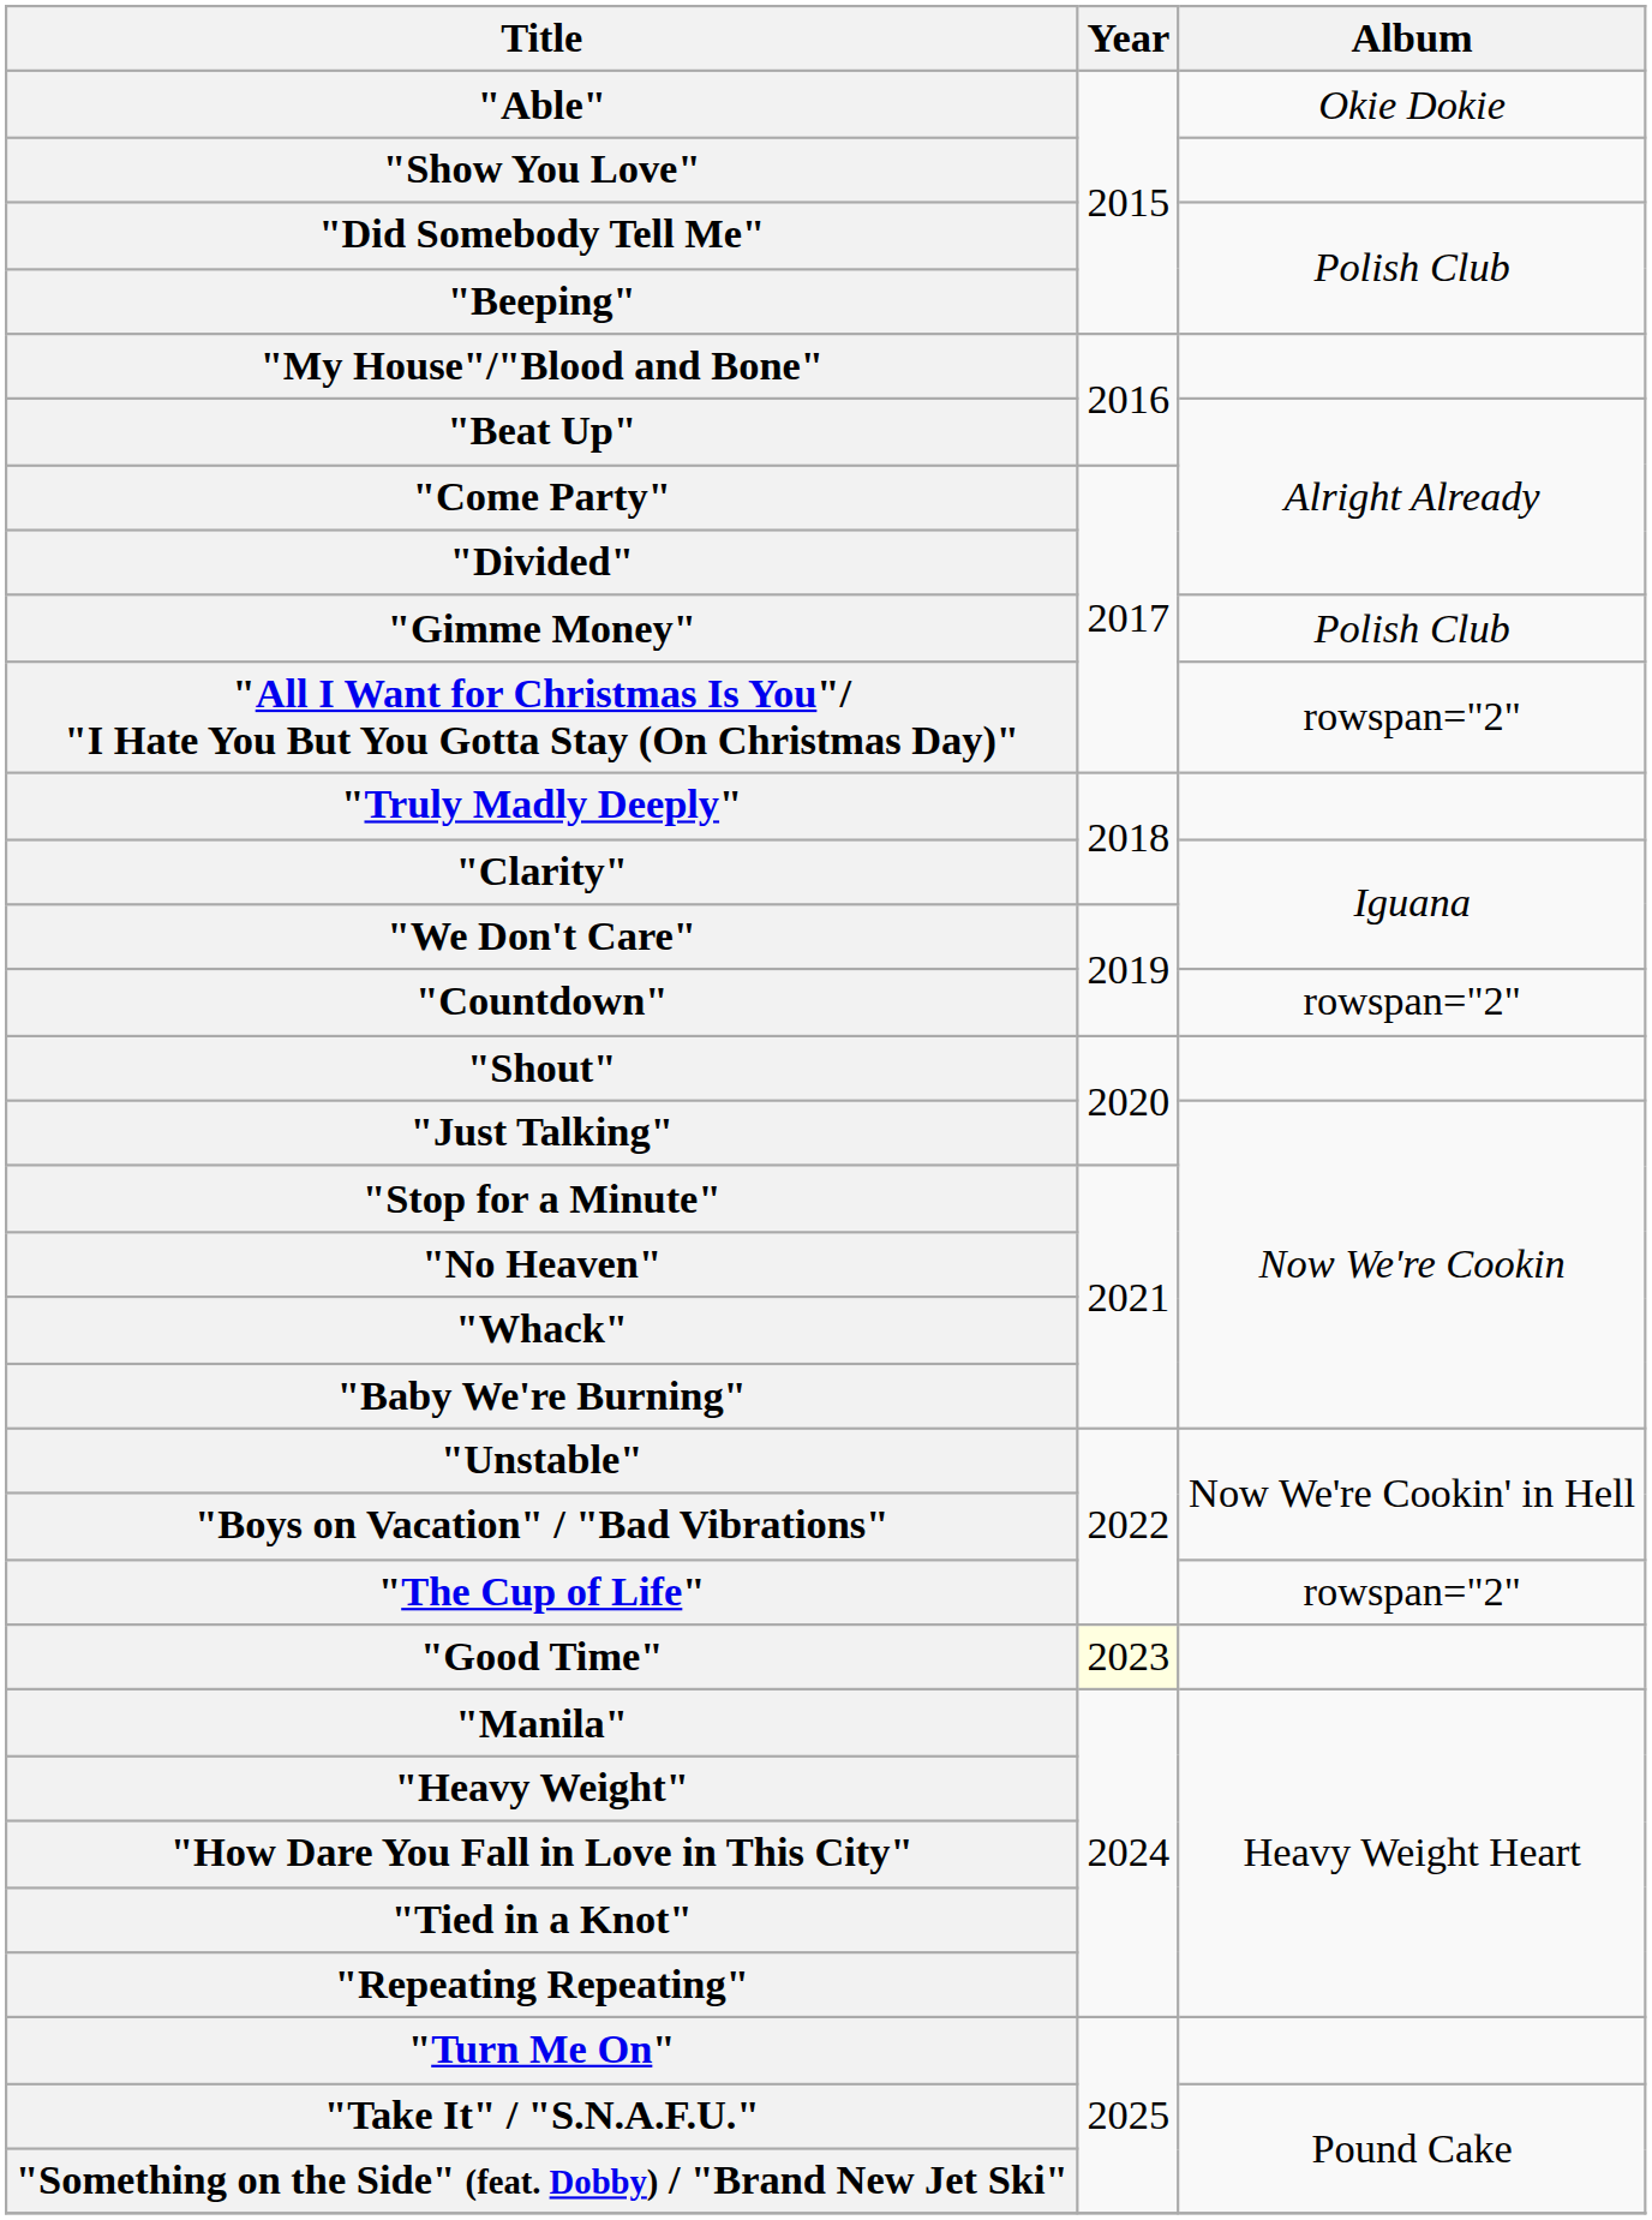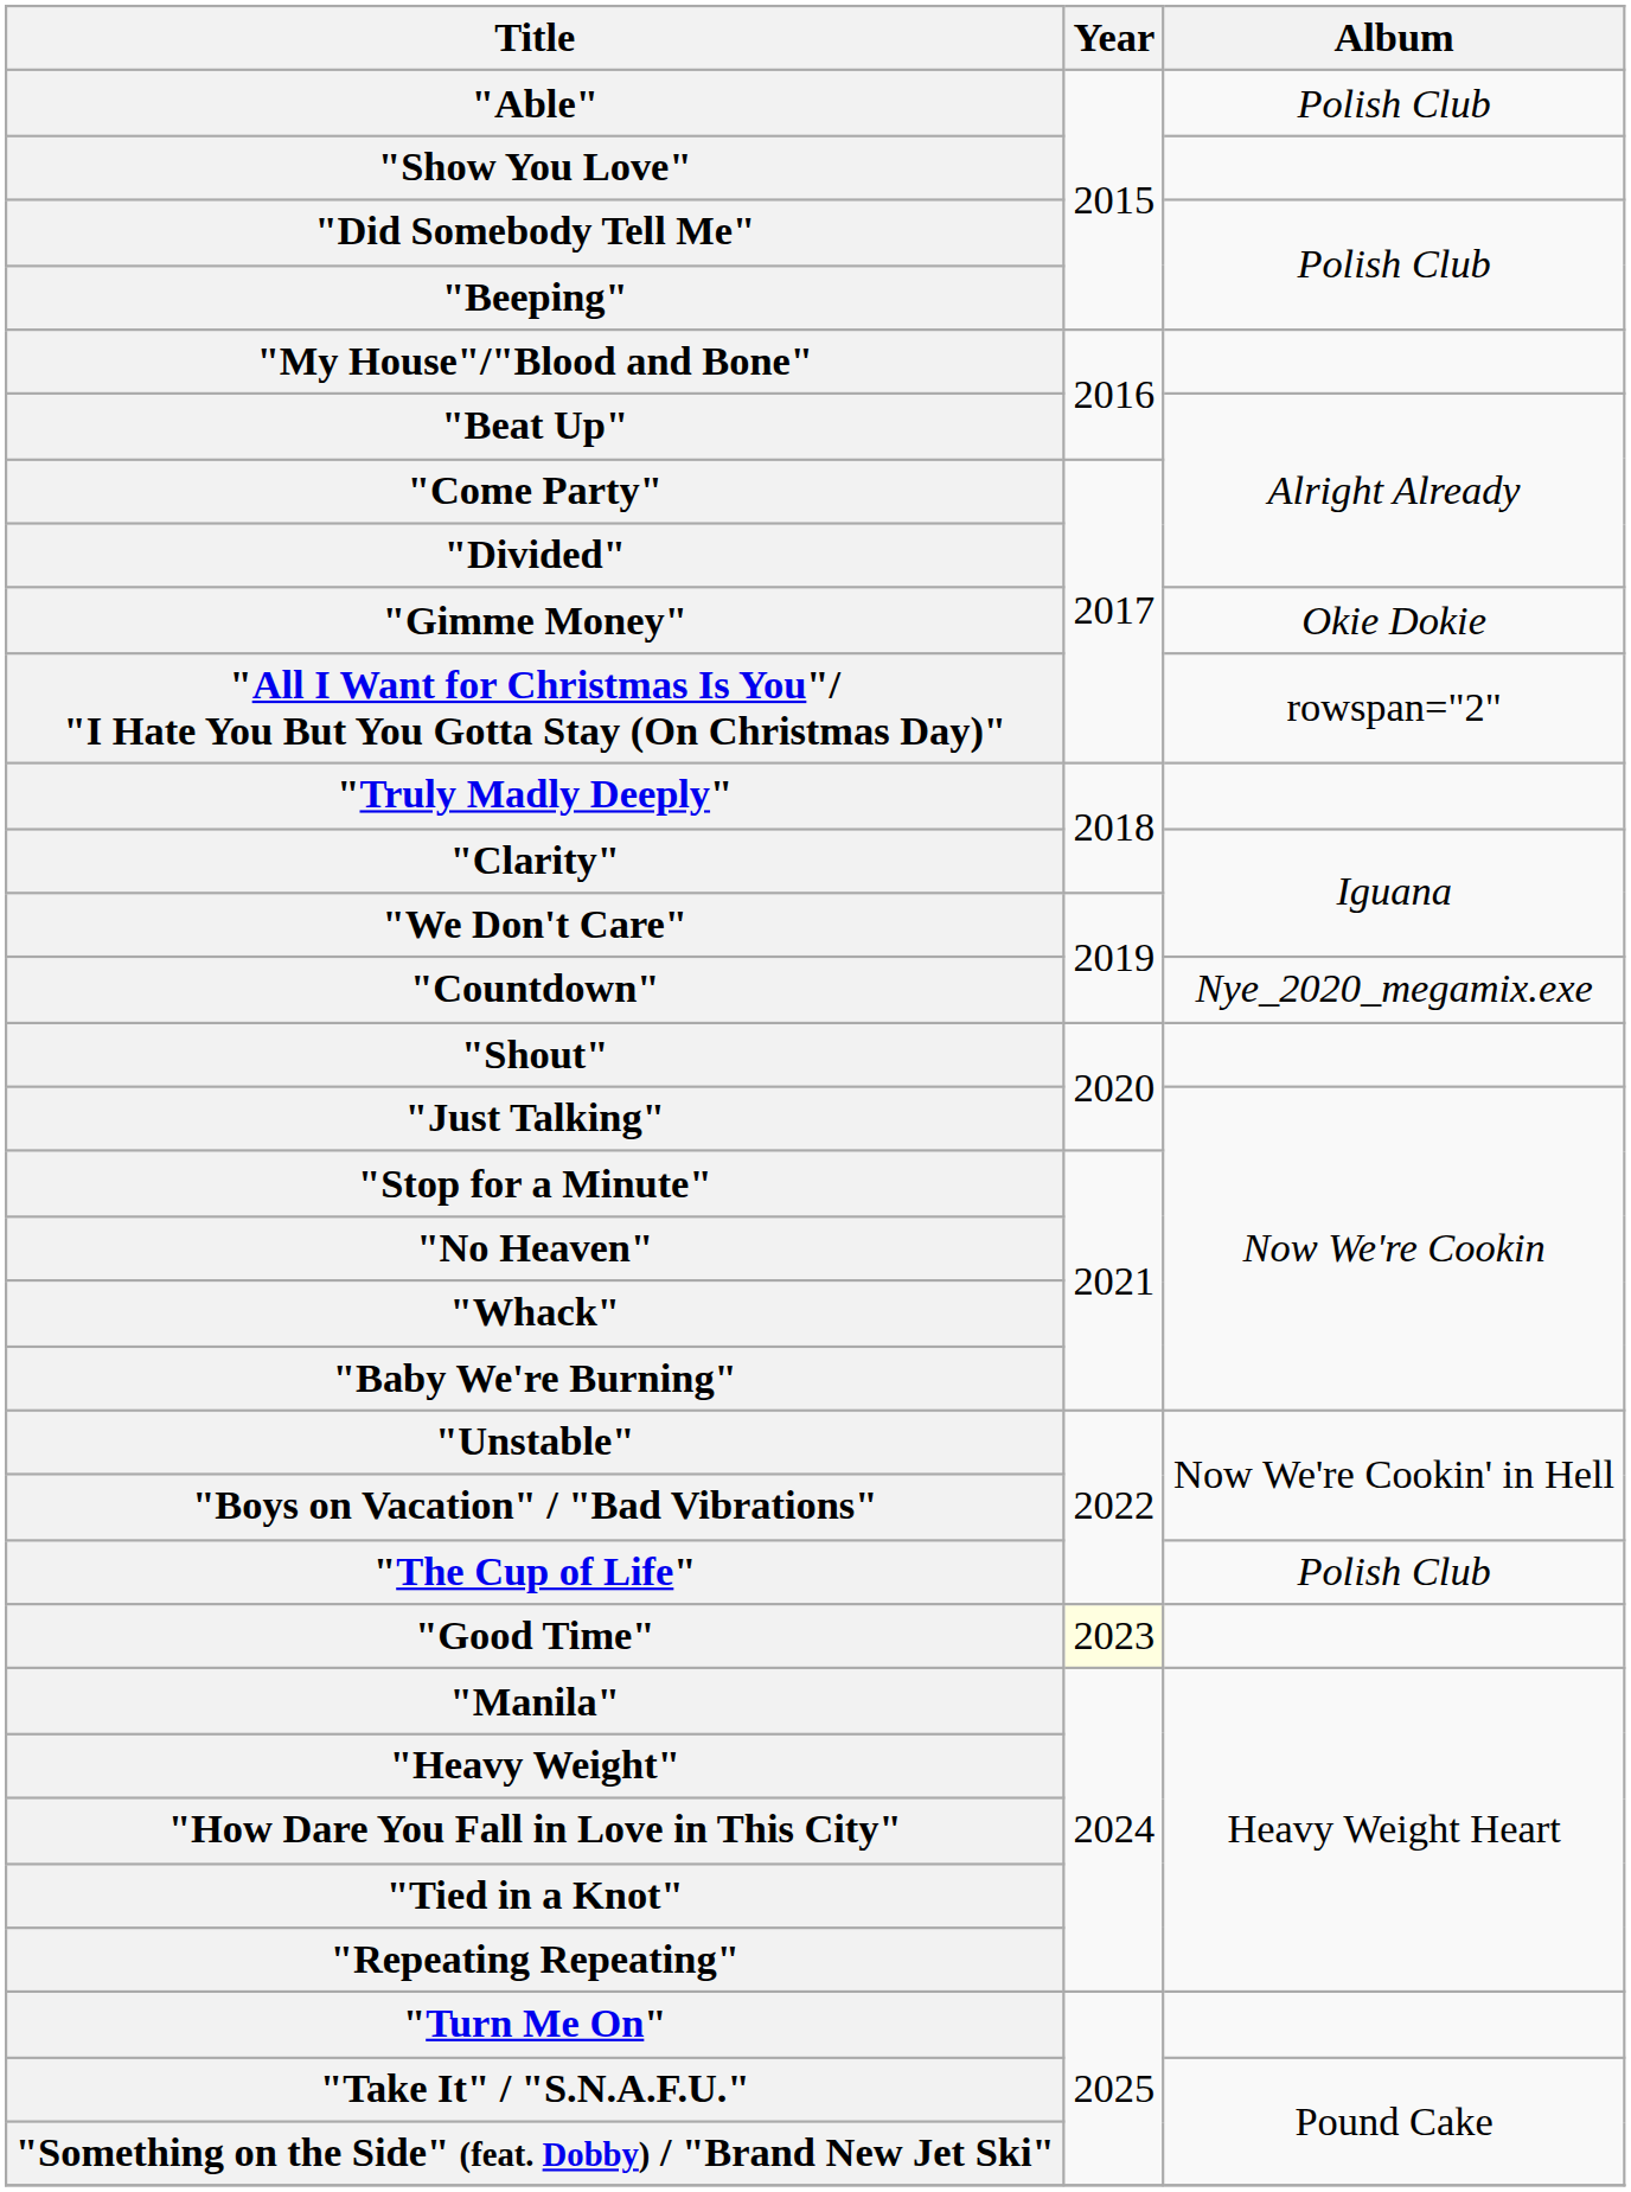 <table class="wikitable plainrowheaders" style="text-align:center;">
 <tr>
 <th scope="col" rowspan="1">Title</th>
 <th scope="col" rowspan="1">Year</th>
 <th scope="col" rowspan="1">Album</th>
 </tr>
 <tr>
 <th scope="row">"Able"</th>
 <td rowspan="4">2015</td>
-<td><em>Okie Dokie</em></td>
+<td><em>Polish Club</em></td>
 </tr>
 <tr>
 <th scope="row">"Show You Love"</th>
 <td></td>
 </tr>
 <tr>
 <th scope="row">"Did Somebody Tell Me"</th>
 <td rowspan="2"><em>Polish Club</em></td>
 </tr>
 <tr>
 <th scope="row">"Beeping"</th>
 </tr>
 <tr>
 <th scope="row">"My House"/"Blood and Bone"</th>
 <td rowspan="2">2016</td>
 <td></td>
 </tr>
 <tr>
 <th scope="row">"Beat Up"</th>
 <td rowspan="3"><em>Alright Already</em></td>
 </tr>
 <tr>
 <th scope="row">"Come Party"</th>
 <td rowspan="4">2017</td>
 </tr>
 <tr>
 <th scope="row">"Divided"</th>
 </tr>
 <tr>
 <th scope="row">"Gimme Money"</th>
-<td><em>Polish Club</em></td>
+<td><em>Okie Dokie</em></td>
 </tr>
 <tr>
 <th scope="row">"<a href='#'>All I Want for Christmas Is You</a>"/<br>"I Hate You But You Gotta Stay (On Christmas Day)"</th>
 <td>rowspan="2" </td>
 </tr>
 <tr>
 <th scope="row">"<a href='#'>Truly Madly Deeply</a>"</th>
 <td rowspan="2">2018</td>
 </tr>
 <tr>
 <th scope="row">"Clarity"</th>
 <td rowspan="2"><em>Iguana</em></td>
 </tr>
 <tr>
 <th scope="row">"We Don't Care"</th>
 <td rowspan="2">2019</td>
 </tr>
 <tr>
 <th scope="row">"Countdown"</th>
-<td>rowspan="2" </td>
+<td><em>Nye_2020_megamix.exe</em></td>
 </tr>
 <tr>
 <th scope="row">"Shout"</th>
 <td rowspan="2">2020</td>
 <td></td>
 </tr>
 <tr>
 <th scope="row">"Just Talking"</th>
 <td rowspan="5"><em>Now We're Cookin<strong></td>
 </tr>
 <tr>
 <th scope="row">"Stop for a Minute"</th>
 <td rowspan="4">2021</td>
 </tr>
 <tr>
 <th scope="row">"No Heaven"</th>
 </tr>
 <tr>
 <th scope="row">"Whack"</th>
 </tr>
 <tr>
 <th scope="row">"Baby We're Burning"</th>
 </tr>
 <tr>
 <th scope="row">"Unstable"</th>
 <td rowspan="3">2022</td>
 <td rowspan="2"></em>Now We're Cookin' in Hell<em></td>
 </tr>
 <tr>
 <th scope="row">"Boys on Vacation" / "Bad Vibrations"</th>
 </tr>
 <tr>
 <th scope="row">"<a href='#'>The Cup of Life</a>"</th>
-<td>rowspan="2" </td>
+<td><em>Polish Club</em></td>
 </tr>
 <tr>
 <th scope="row">"Good Time"</th>
 <td style="background: lightyellow;">2023</td>
 </tr>
 <tr>
 <th scope="row">"Manila"</th>
 <td rowspan="5">2024</td>
 <td rowspan="5"></em>Heavy Weight Heart<em></td>
 </tr>
 <tr>
 <th scope="row">"Heavy Weight"</th>
 </tr>
 <tr>
 <th scope="row">"How Dare You Fall in Love in This City"</th>
 </tr>
 <tr>
 <th scope="row">"Tied in a Knot"</th>
 </tr>
 <tr>
 <th scope="row">"Repeating Repeating"</th>
 </tr>
 <tr>
 <th scope="row">"<a href='#'>Turn Me On</a>"</th>
 <td rowspan="3">2025</td>
 <td></td>
 </tr>
 <tr>
 <th scope="row">"Take It" / "S.N.A.F.U."</th>
 <td rowspan="2"></em>Pound Cake<em></td>
 </tr>
 <tr>
 <th scope="row">"Something on the Side" <small>(feat. <a href='#'>Dobby</a>)</small> / "Brand New Jet Ski"</th>
 </tr>
 <tr>
 </tr>
 </table>
